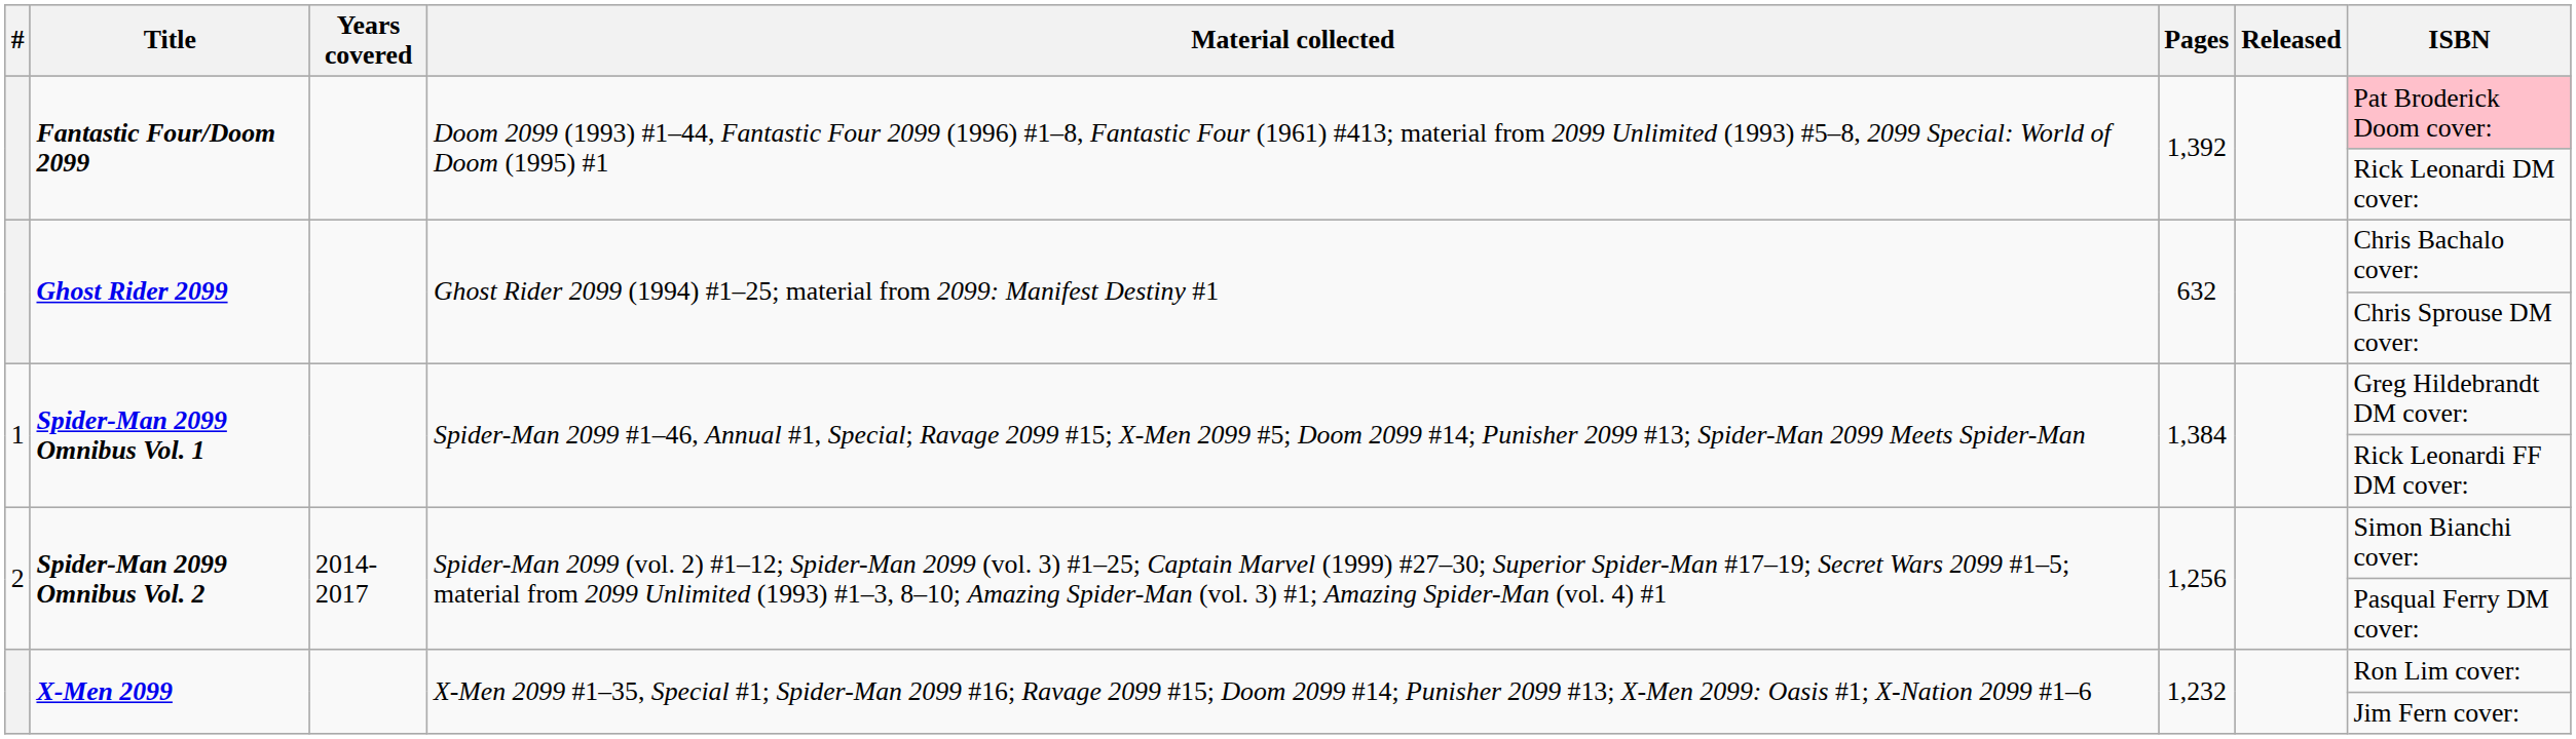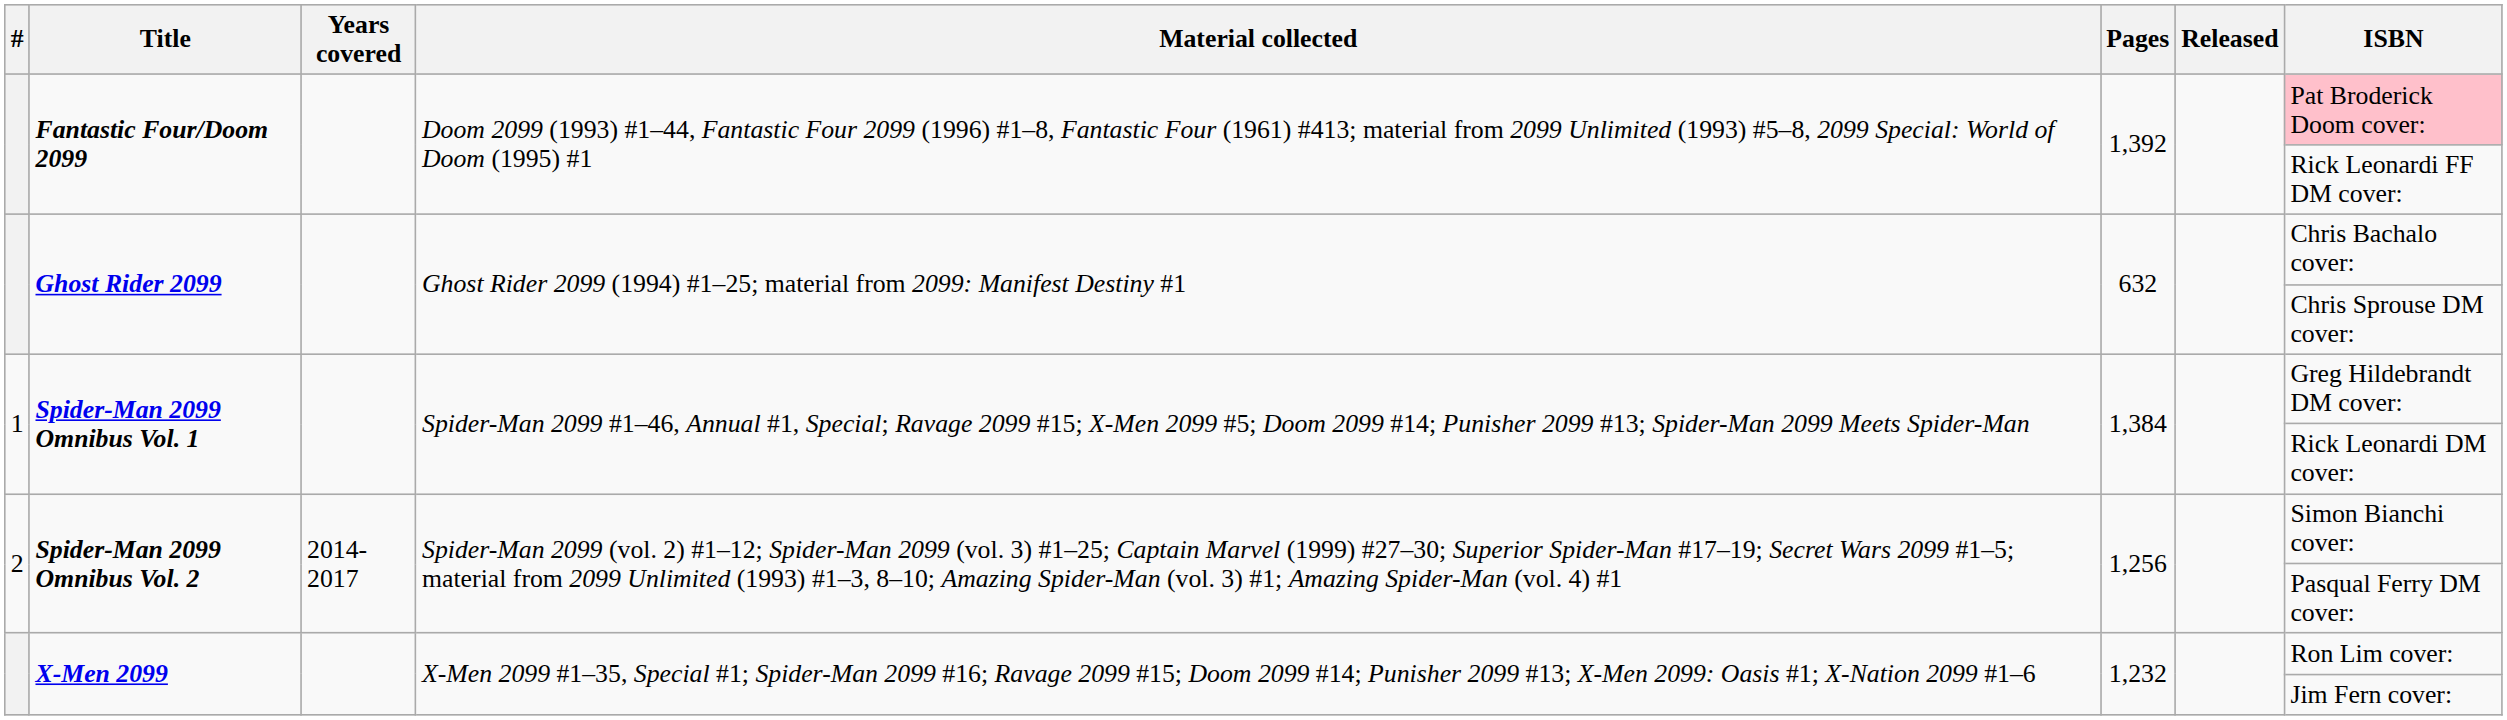 <table class="wikitable sortable" width=98%>
 <tr>
 <th width="4px">#</th>
 <th>Title</th>
 <th style="width: 4em;">Years covered</th>
 <th>Material collected</th>
 <th>Pages</th>
 <th>Released</th>
 <th class="unsortable" style="width: 8em;">ISBN</th>
 </tr>
 <tr>
 <th style="background-color: light grey;" rowspan=2></th>
 <td rowspan=2><strong><em>Fantastic Four/Doom 2099</em></strong></td>
 <td rowspan=2></td>
 <td rowspan=2><em>Doom 2099</em> (1993) #1–44, <em>Fantastic Four 2099</em> (1996) #1–8, <em>Fantastic Four</em> (1961) #413; material from <em>2099 Unlimited</em> (1993) #5–8, <em>2099 Special: World of Doom</em> (1995) #1</td>
 <td style="text-align: center;" rowspan=2>1,392</td>
 <td rowspan=2></td>
 <td style="background: pink;">Pat Broderick Doom cover: </td>
 </tr>
 <tr>
-<td>Rick Leonardi DM cover: </td>
+<td>Rick Leonardi FF DM cover: </td>
 </tr>
 <tr>
 <th style="background-color: light grey;" rowspan=2></th>
 <td rowspan=2><strong><em><a href='#'>Ghost Rider 2099</a></em></strong></td>
 <td rowspan=2></td>
 <td rowspan=2><em>Ghost Rider 2099</em> (1994) #1–25; material from <em>2099: Manifest Destiny</em> #1</td>
 <td style="text-align: center;" rowspan=2>632</td>
 <td rowspan=2></td>
 <td>Chris Bachalo cover: </td>
 </tr>
 <tr>
 <td>Chris Sprouse DM cover: </td>
 </tr>
 <tr>
 <td rowspan=2>1</td>
 <td rowspan=2><strong><em><a href='#'>Spider-Man 2099</a> Omnibus Vol. 1</em></strong></td>
 <td rowspan=2></td>
 <td rowspan=2><em>Spider-Man 2099</em> #1–46, <em>Annual</em> #1, <em>Special</em>; <em>Ravage 2099</em> #15; <em>X-Men 2099</em> #5; <em>Doom 2099</em> #14; <em>Punisher 2099</em> #13; <em>Spider-Man 2099 Meets Spider-Man</em></td>
 <td style="text-align: center;" rowspan=2>1,384</td>
 <td rowspan=2></td>
 <td>Greg Hildebrandt DM cover: </td>
 </tr>
 <tr>
-<td>Rick Leonardi FF DM cover: </td>
+<td>Rick Leonardi DM cover: </td>
 </tr>
 <tr>
 <td rowspan=2>2</td>
 <td rowspan=2><strong><em>Spider-Man 2099 Omnibus Vol. 2</em></strong></td>
 <td rowspan=2>2014-2017</td>
 <td rowspan=2><em>Spider-Man 2099</em> (vol. 2) #1–12; <em>Spider-Man 2099</em> (vol. 3) #1–25; <em>Captain Marvel</em> (1999) #27–30; <em>Superior Spider-Man</em> #17–19; <em>Secret Wars 2099</em> #1–5; material from <em>2099 Unlimited</em> (1993) #1–3, 8–10; <em>Amazing Spider-Man</em> (vol. 3) #1; <em>Amazing Spider-Man</em> (vol. 4) #1</td>
 <td style="text-align: center;" rowspan=2>1,256</td>
 <td rowspan=2></td>
 <td>Simon Bianchi cover: </td>
 </tr>
 <tr>
 <td>Pasqual Ferry DM cover: </td>
 </tr>
 <tr>
 <th style="background-color: light grey;" rowspan=2></th>
 <td rowspan=2><strong><em><a href='#'>X-Men 2099</a></em></strong></td>
 <td rowspan=2></td>
 <td rowspan=2><em>X-Men 2099</em> #1–35, <em>Special</em> #1; <em>Spider-Man 2099</em> #16; <em>Ravage 2099</em> #15; <em>Doom 2099</em> #14; <em>Punisher 2099</em> #13; <em>X-Men 2099: Oasis</em> #1; <em>X-Nation 2099</em> #1–6</td>
 <td style="text-align: center;" rowspan=2>1,232</td>
 <td rowspan=2></td>
 <td>Ron Lim cover: </td>
 </tr>
 <tr>
 <td>Jim Fern cover: </td>
 </tr>
 </table>
